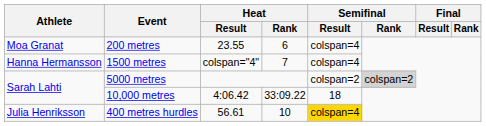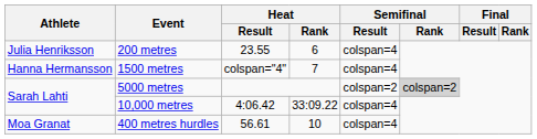 <table class="wikitable" style="font-size:90%">
 <tr>
 <th rowspan="2">Athlete</th>
 <th rowspan="2">Event</th>
 <th colspan="2">Heat</th>
 <th colspan="2">Semifinal</th>
 <th colspan="2">Final</th>
 </tr>
 <tr style="font-size:95%">
 <th>Result</th>
 <th>Rank</th>
 <th>Result</th>
 <th>Rank</th>
 <th>Result</th>
 <th>Rank</th>
 </tr>
 <tr align="center">
-<td align=left><a href='#'>Moa Granat</a></td>
+<td align=left><a href='#'>Julia Henriksson</a></td>
 <td align=left><a href='#'>200 metres</a></td>
 <td>23.55</td>
 <td>6</td>
 <td>colspan=4 </td>
 </tr>
 <tr align="center">
 <td align=left><a href='#'>Hanna Hermansson</a></td>
 <td align=left><a href='#'>1500 metres</a></td>
 <td>colspan="4"</td>
 <td>7</td>
 <td>colspan=4 </td>
 </tr>
 <tr align="center">
 <td align=left rowspan=2><a href='#'>Sarah Lahti</a></td>
 <td align=left><a href='#'>5000 metres</a></td>
 <td colspan=2></td>
 <td>colspan=2 </td>
 <td style="background: lightgrey;">colspan=2 </td>
 </tr>
 <tr align="center">
 <td align=left><a href='#'>10,000 metres</a></td>
 <td>4:06.42 </td>
 <td>33:09.22 </td>
-<td>18</td>
+<td>colspan=4 </td>
 </tr>
 <tr align="center">
-<td align=left><a href='#'>Julia Henriksson</a></td>
+<td align=left><a href='#'>Moa Granat</a></td>
 <td align=left><a href='#'>400 metres hurdles</a></td>
 <td>56.61</td>
 <td>10</td>
-<td style="background: gold;">colspan=4 </td>
+<td>colspan=4 </td>
 </tr>
 </table>
